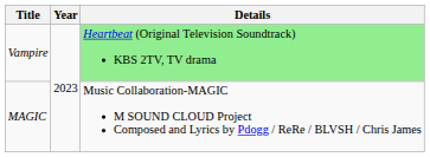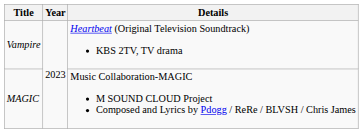 <table class="wikitable">
 <tr>
 <th>Title</th>
 <th>Year</th>
 <th>Details</th>
 </tr>
 <tr>
 <td><em>Vampire</em></td>
 <td rowspan="2">2023</td>
-<td style="background: lightgreen;"><a href='#'><em>Heartbeat</em></a> (Original Television Soundtrack)<br><ul><li>KBS 2TV, TV drama</li></ul></td>
+<td><a href='#'><em>Heartbeat</em></a> (Original Television Soundtrack)<br><ul><li>KBS 2TV, TV drama</li></ul></td>
 </tr>
 <tr>
 <td><em>MAGIC</em></td>
 <td>Music Collaboration-MAGIC<br><ul><li>M SOUND CLOUD Project</li><li>Composed and Lyrics by <a href='#'>Pdogg</a> / ReRe / BLVSH / Chris James</li></ul></td>
 </tr>
 </table>
